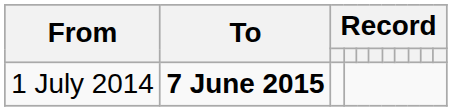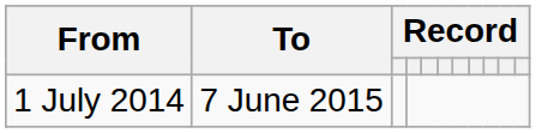 <table class="wikitable" style="text-align: center">
 <tr>
 <th rowspan="2">From</th>
 <th rowspan="2">To</th>
 <th colspan="9">Record</th>
 </tr>
 <tr>
 <th></th>
 <th></th>
 <th></th>
 <th></th>
 <th></th>
 <th></th>
 <th></th>
 <th></th>
 <th></th>
 </tr>
 <tr>
 <td>1 July 2014</td>
-<td><strong>7 June 2015<br></strong></td>
+<td>7 June 2015<br></td>
 <td></td>
 </tr>
 </table>
